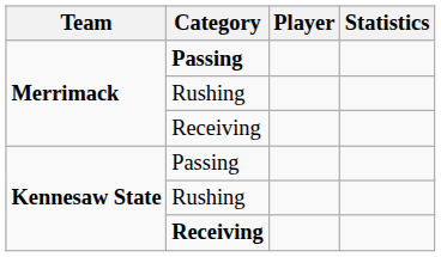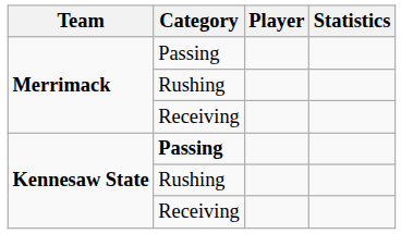 <table class="wikitable" style="float: right;">
 <tr>
 <th>Team</th>
 <th>Category</th>
 <th>Player</th>
 <th>Statistics</th>
 </tr>
 <tr>
 <td rowspan=3><strong>Merrimack</strong></td>
-<td><strong>Passing</strong></td>
+<td>Passing</td>
 <td></td>
 <td></td>
 </tr>
 <tr>
 <td>Rushing</td>
 <td></td>
 <td></td>
 </tr>
 <tr>
 <td>Receiving</td>
 <td></td>
 <td></td>
 </tr>
 <tr>
 <td rowspan=3><strong>Kennesaw State</strong></td>
-<td>Passing</td>
+<td><strong>Passing</strong></td>
 <td></td>
 <td></td>
 </tr>
 <tr>
 <td>Rushing</td>
 <td></td>
 <td></td>
 </tr>
 <tr>
-<td><strong>Receiving</strong></td>
+<td>Receiving</td>
 <td></td>
 <td></td>
 </tr>
 </table>
